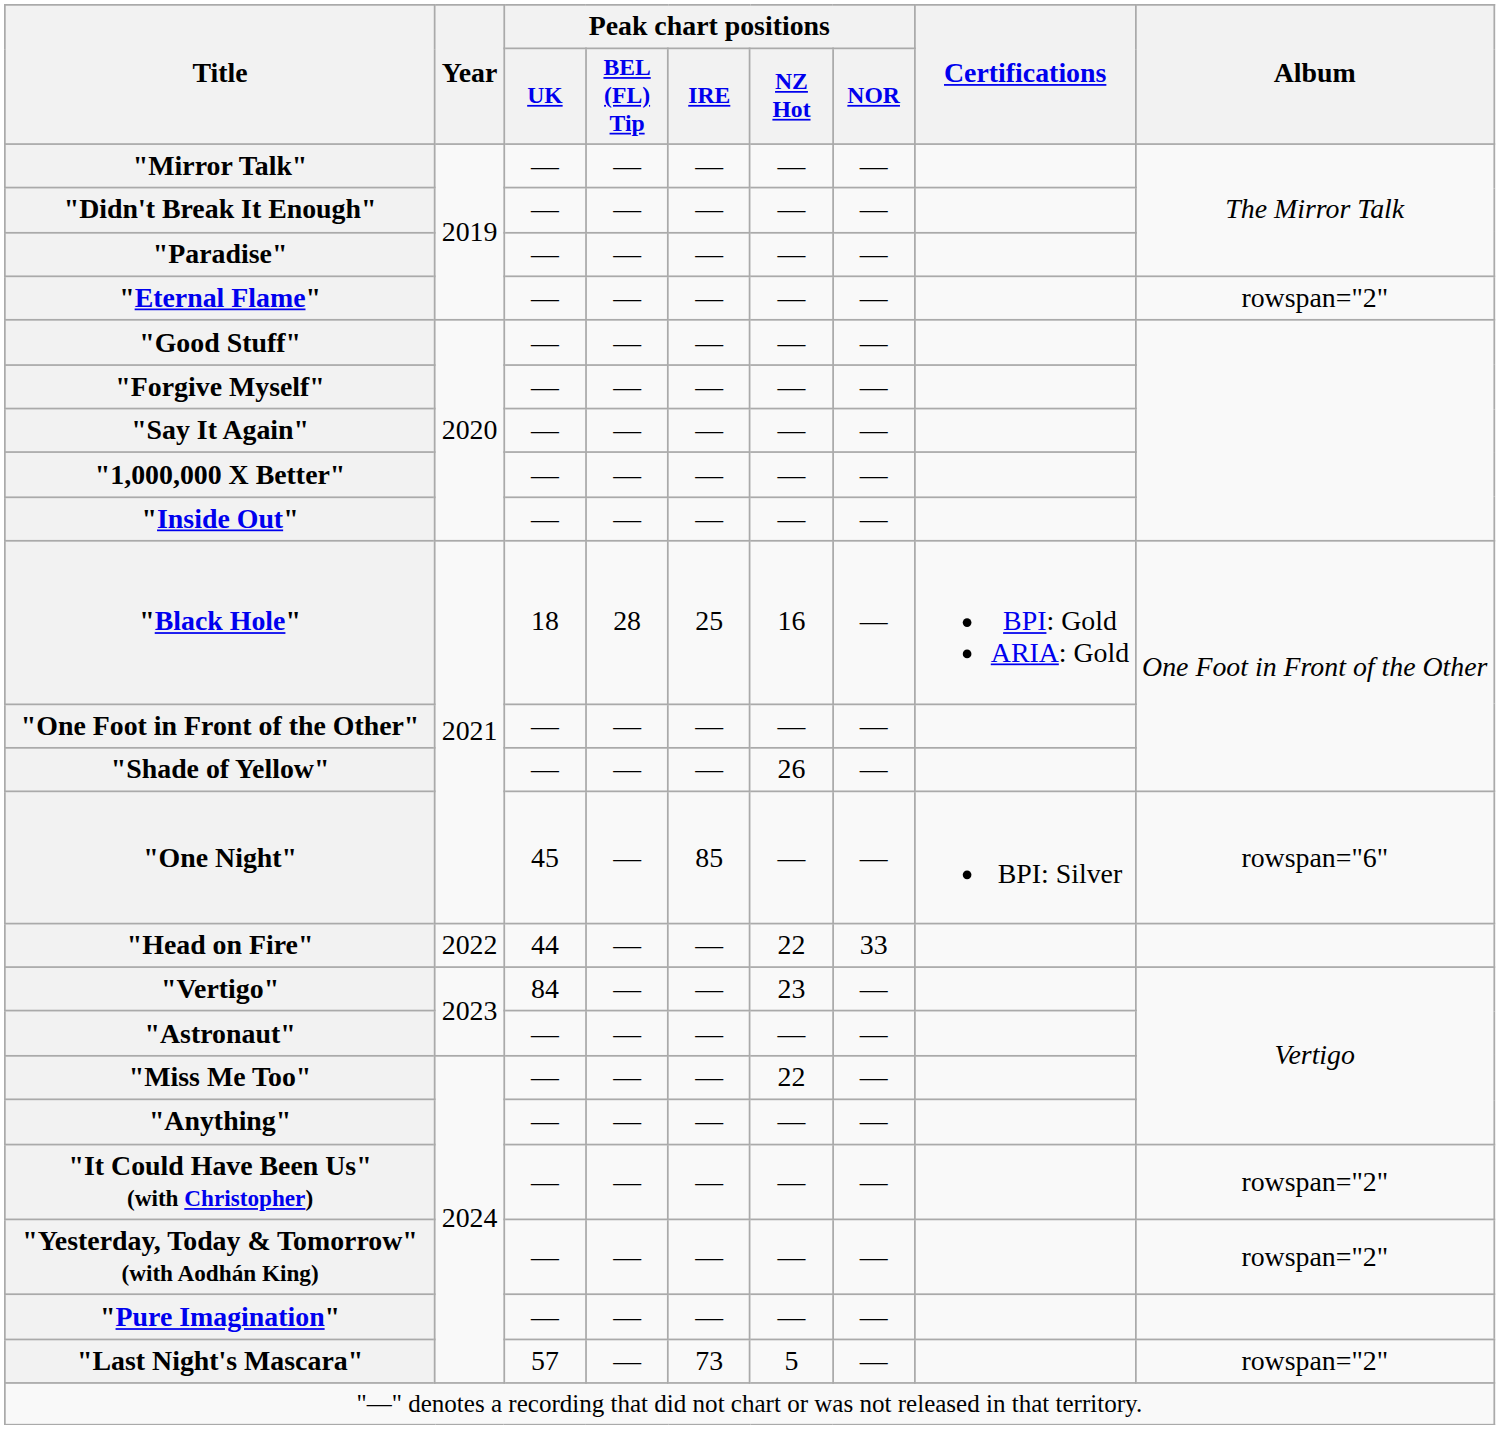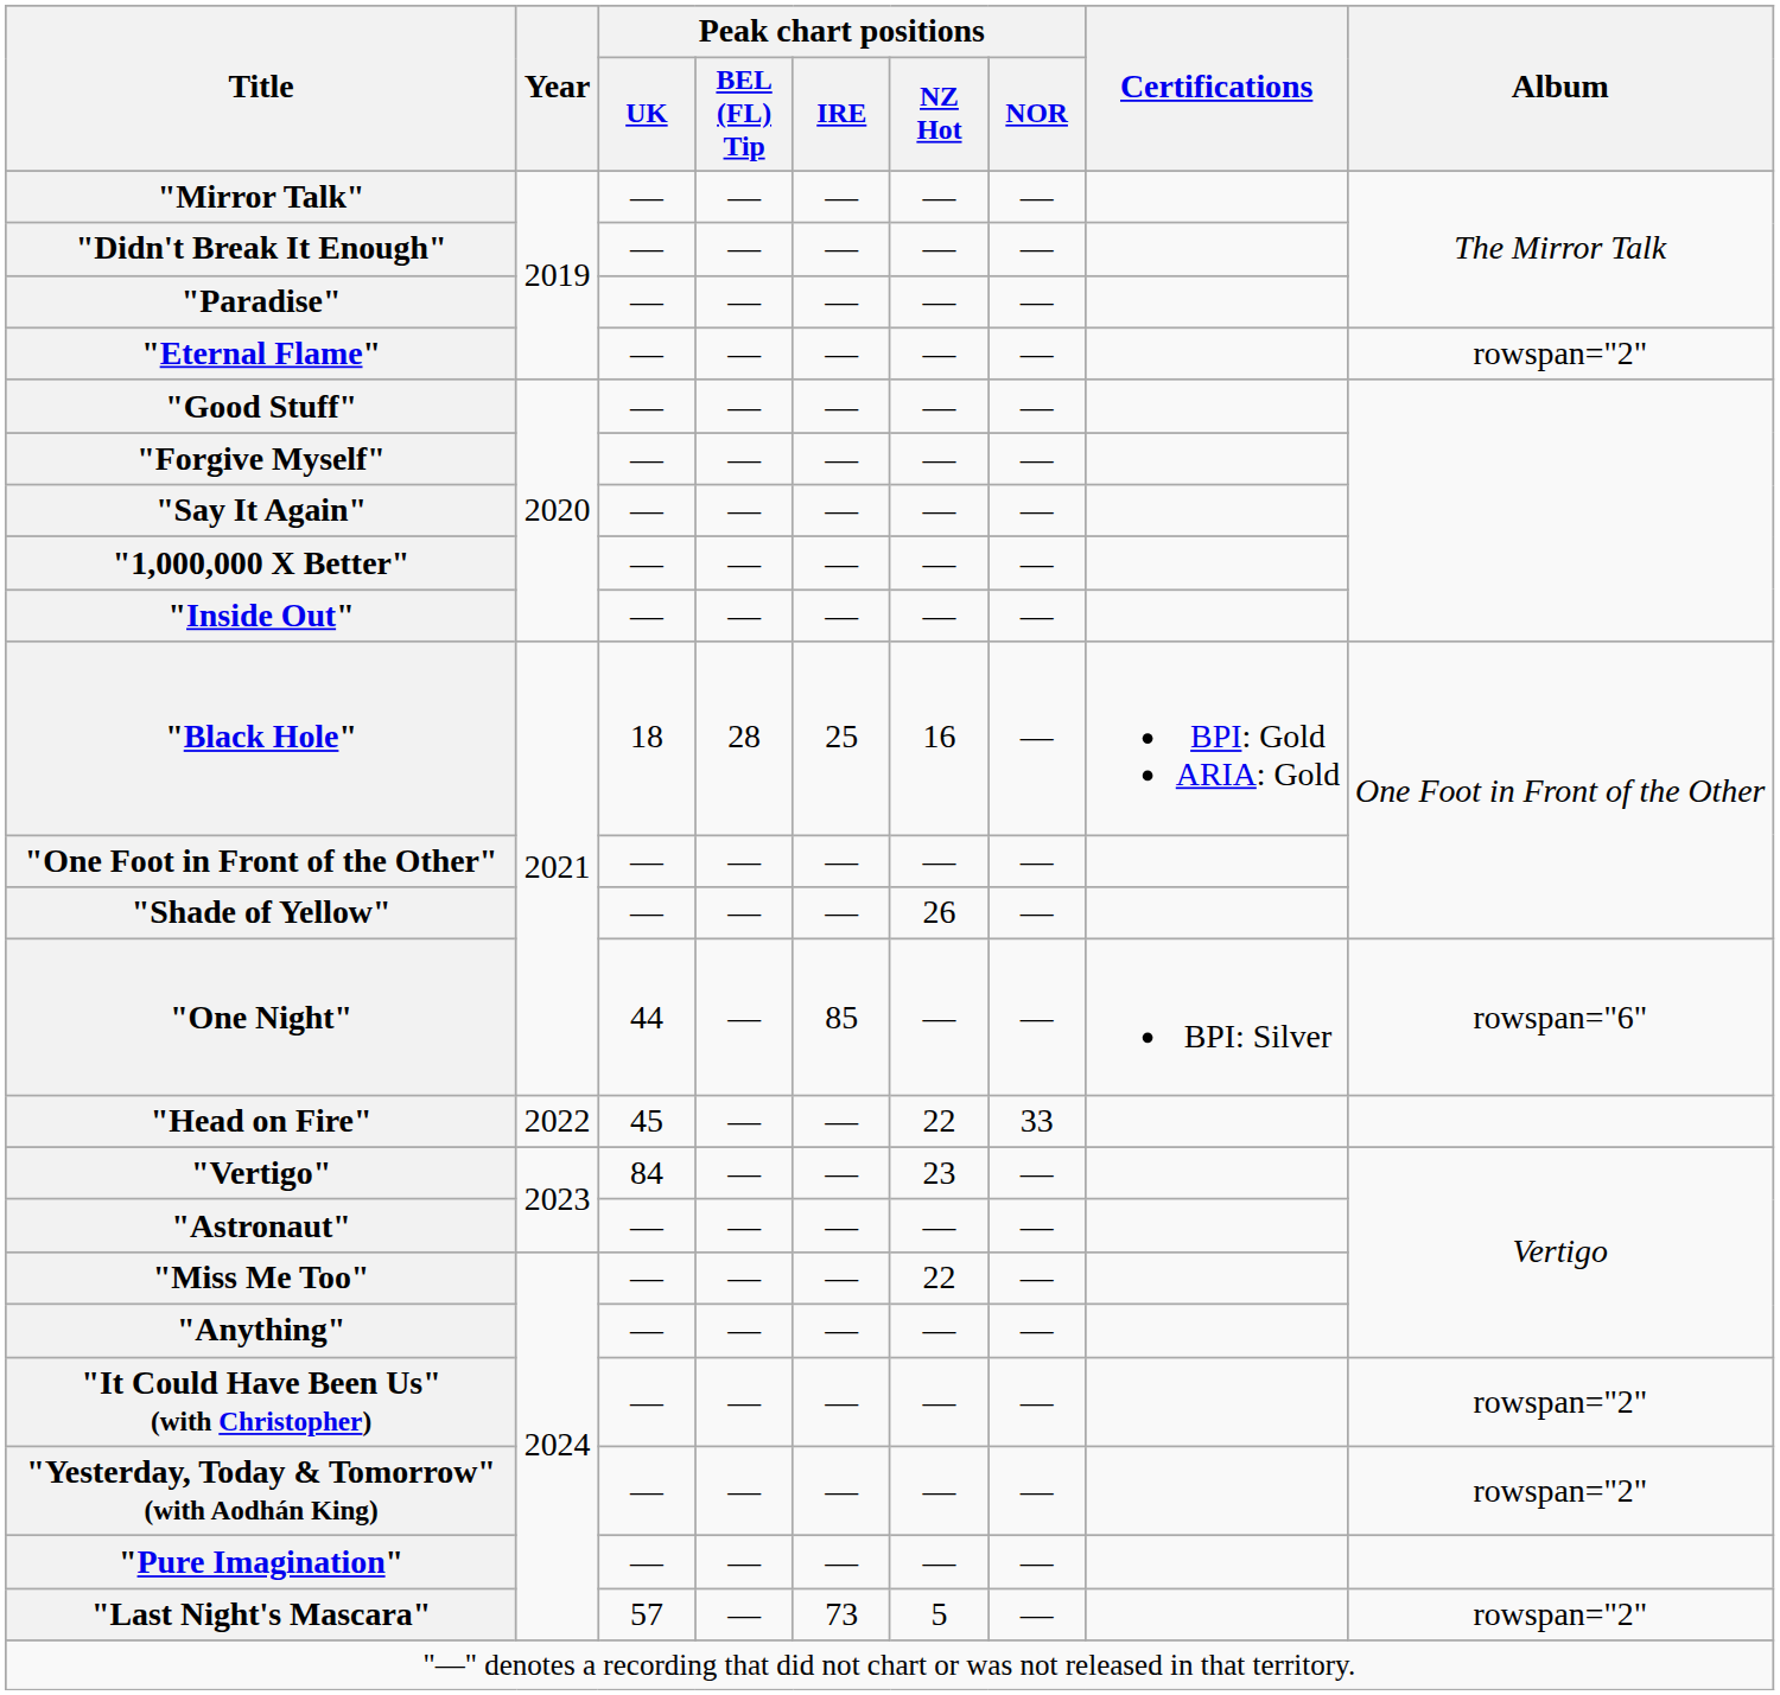 <table class="wikitable plainrowheaders" style="text-align:center;">
 <tr>
 <th scope="col" rowspan="2" style="width:15em;">Title</th>
 <th scope="col" rowspan="2">Year</th>
 <th scope="col" colspan="5">Peak chart positions</th>
 <th scope="col" rowspan="2"><a href='#'>Certifications</a></th>
 <th scope="col" rowspan="2">Album</th>
 </tr>
 <tr>
 <th scope="col" style="width:3em;font-size:85%;"><a href='#'>UK</a><br></th>
 <th scope="col" style="width:3em;font-size:85%;"><a href='#'>BEL<br>(FL)<br>Tip</a><br></th>
 <th scope="col" style="width:3em;font-size:85%;"><a href='#'>IRE</a><br></th>
 <th scope="col" style="width:3em;font-size:85%;"><a href='#'>NZ<br>Hot</a><br></th>
 <th scope="col" style="width:3em;font-size:85%;"><a href='#'>NOR</a><br></th>
 </tr>
 <tr>
 <th scope="row">"Mirror Talk"</th>
 <td rowspan="4">2019</td>
 <td>—</td>
 <td>—</td>
 <td>—</td>
 <td>—</td>
 <td>—</td>
 <td></td>
 <td rowspan="3"><em>The Mirror Talk</em></td>
 </tr>
 <tr>
 <th scope="row">"Didn't Break It Enough"</th>
 <td>—</td>
 <td>—</td>
 <td>—</td>
 <td>—</td>
 <td>—</td>
 <td></td>
 </tr>
 <tr>
 <th scope="row">"Paradise"</th>
 <td>—</td>
 <td>—</td>
 <td>—</td>
 <td>—</td>
 <td>—</td>
 <td></td>
 </tr>
 <tr>
 <th scope="row">"<a href='#'>Eternal Flame</a>"</th>
 <td>—</td>
 <td>—</td>
 <td>—</td>
 <td>—</td>
 <td>—</td>
 <td></td>
 <td>rowspan="2" </td>
 </tr>
 <tr>
 <th scope="row">"Good Stuff"</th>
 <td rowspan="5">2020</td>
 <td>—</td>
 <td>—</td>
 <td>—</td>
 <td>—</td>
 <td>—</td>
 <td></td>
 </tr>
 <tr>
 <th scope="row">"Forgive Myself"</th>
 <td>—</td>
 <td>—</td>
 <td>—</td>
 <td>—</td>
 <td>—</td>
 <td></td>
 </tr>
 <tr>
 <th scope="row">"Say It Again"</th>
 <td>—</td>
 <td>—</td>
 <td>—</td>
 <td>—</td>
 <td>—</td>
 <td></td>
 </tr>
 <tr>
 <th scope="row">"1,000,000 X Better"<br></th>
 <td>—</td>
 <td>—</td>
 <td>—</td>
 <td>—</td>
 <td>—</td>
 <td></td>
 </tr>
 <tr>
 <th scope="row">"<a href='#'>Inside Out</a>"<br></th>
 <td>—</td>
 <td>—</td>
 <td>—</td>
 <td>—</td>
 <td>—</td>
 <td></td>
 </tr>
 <tr>
 <th scope="row">"<a href='#'>Black Hole</a>"</th>
 <td rowspan="4">2021</td>
 <td>18</td>
 <td>28</td>
 <td>25</td>
 <td>16</td>
 <td>—</td>
 <td><br><ul><li><a href='#'>BPI</a>: Gold</li><li><a href='#'>ARIA</a>: Gold</li></ul></td>
 <td rowspan="3"><em>One Foot in Front of the Other</em></td>
 </tr>
 <tr>
 <th scope="row">"One Foot in Front of the Other"</th>
 <td>—</td>
 <td>—</td>
 <td>—</td>
 <td>—</td>
 <td>—</td>
 <td></td>
 </tr>
 <tr>
 <th scope="row">"Shade of Yellow"</th>
 <td>—</td>
 <td>—</td>
 <td>—</td>
 <td>26</td>
 <td>—</td>
 <td></td>
 </tr>
 <tr>
 <th scope="row">"One Night"</th>
-<td>45</td>
+<td>44</td>
 <td>—</td>
 <td>85</td>
 <td>—</td>
 <td>—</td>
 <td><br><ul><li>BPI: Silver</li></ul></td>
 <td>rowspan="6" </td>
 </tr>
 <tr>
 <th scope="row">"Head on Fire"<br></th>
 <td>2022</td>
-<td>44</td>
+<td>45</td>
 <td>—</td>
 <td>—</td>
 <td>22</td>
 <td>33</td>
 <td></td>
 </tr>
 <tr>
 <th scope="row">"Vertigo"</th>
 <td rowspan="2">2023</td>
 <td>84</td>
 <td>—</td>
 <td>—</td>
 <td>23</td>
 <td>—</td>
 <td></td>
 <td rowspan="4"><em>Vertigo</em></td>
 </tr>
 <tr>
 <th scope="row">"Astronaut"</th>
 <td>—</td>
 <td>—</td>
 <td>—</td>
 <td>—</td>
 <td>—</td>
 <td></td>
 </tr>
 <tr>
 <th scope="row">"Miss Me Too"</th>
 <td rowspan="6">2024</td>
 <td>—</td>
 <td>—</td>
 <td>—</td>
 <td>22</td>
 <td>—</td>
 <td></td>
 </tr>
 <tr>
 <th scope="row">"Anything"</th>
 <td>—</td>
 <td>—</td>
 <td>—</td>
 <td>—</td>
 <td>—</td>
 <td></td>
 </tr>
 <tr>
 <th scope="row">"It Could Have Been Us" <br><small>(with <a href='#'>Christopher</a>)</small></th>
 <td>—</td>
 <td>—</td>
 <td>—</td>
 <td>—</td>
 <td>—</td>
 <td></td>
 <td>rowspan="2" </td>
 </tr>
 <tr>
 <th scope="row">"Yesterday, Today & Tomorrow" <br><small>(with Aodhán King)</small></th>
 <td>—</td>
 <td>—</td>
 <td>—</td>
 <td>—</td>
 <td>—</td>
 <td></td>
 <td>rowspan="2" </td>
 </tr>
 <tr>
 <th scope="row">"<a href='#'>Pure Imagination</a>"</th>
 <td>—</td>
 <td>—</td>
 <td>—</td>
 <td>—</td>
 <td>—</td>
 <td></td>
 </tr>
 <tr>
 <th scope="row">"Last Night's Mascara"</th>
 <td>57</td>
 <td>—</td>
 <td>73<br></td>
 <td>5</td>
 <td>—</td>
 <td></td>
 <td>rowspan="2" </td>
 </tr>
 <tr>
 <td colspan="9" style="font-size:90%">"—" denotes a recording that did not chart or was not released in that territory.</td>
 </tr>
 </table>
